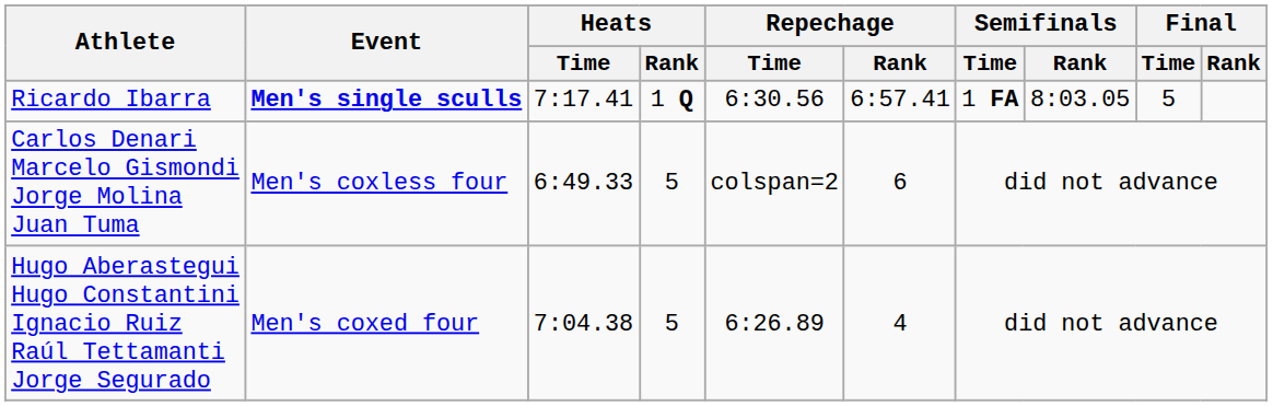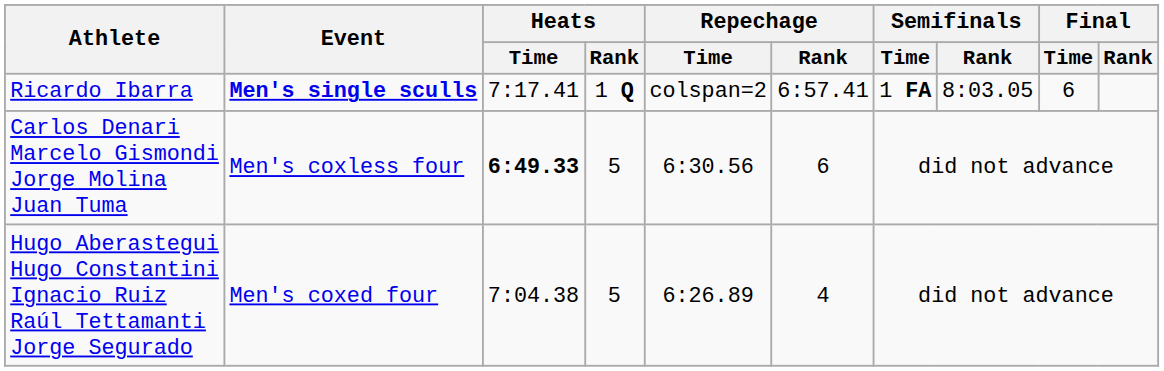 <table class="wikitable" style="font-size:90%">
 <tr>
 <th rowspan="2">Athlete</th>
 <th rowspan="2">Event</th>
 <th colspan="2">Heats</th>
 <th colspan="2">Repechage</th>
 <th colspan="2">Semifinals</th>
 <th colspan="2">Final</th>
 </tr>
 <tr style="font-size:95%">
 <th>Time</th>
 <th>Rank</th>
 <th>Time</th>
 <th>Rank</th>
 <th>Time</th>
 <th>Rank</th>
 <th>Time</th>
 <th>Rank</th>
 </tr>
 <tr align=center>
 <td align=left><a href='#'>Ricardo Ibarra</a></td>
 <td align=left><strong><a href='#'>Men's single sculls</a></strong></td>
 <td>7:17.41</td>
 <td>1 <strong>Q</strong></td>
-<td>6:30.56</td>
+<td>colspan=2 </td>
 <td>6:57.41</td>
 <td>1 <strong>FA</strong></td>
 <td>8:03.05</td>
-<td>5</td>
+<td>6</td>
 </tr>
 <tr align=center>
 <td align=left><a href='#'>Carlos Denari</a><br><a href='#'>Marcelo Gismondi</a><br><a href='#'>Jorge Molina</a><br><a href='#'>Juan Tuma</a></td>
 <td align=left><a href='#'>Men's coxless four</a></td>
-<td>6:49.33</td>
+<td><strong>6:49.33</strong></td>
 <td>5</td>
-<td>colspan=2 </td>
+<td>6:30.56</td>
 <td>6</td>
 <td colspan=4>did not advance</td>
 </tr>
 <tr align=center>
 <td align=left><a href='#'>Hugo Aberastegui</a><br><a href='#'>Hugo Constantini</a><br><a href='#'>Ignacio Ruiz</a><br><a href='#'>Raúl Tettamanti</a><br><a href='#'>Jorge Segurado</a></td>
 <td align=left><a href='#'>Men's coxed four</a></td>
 <td>7:04.38</td>
 <td>5</td>
 <td>6:26.89</td>
 <td>4</td>
 <td colspan=4>did not advance</td>
 </tr>
 </table>
